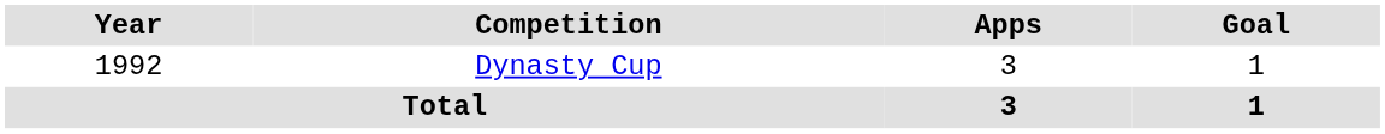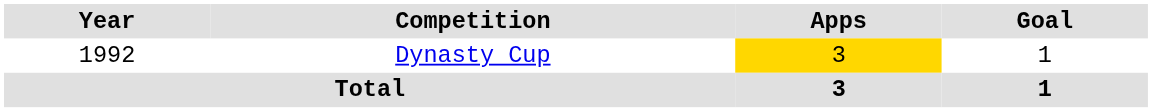 <table border="0" cellpadding="2" cellspacing="0" style="width:50%;">
 <tr style="text-align:center; background:#e0e0e0;">
 <th>Year</th>
 <th>Competition</th>
 <th>Apps</th>
 <th>Goal</th>
 </tr>
 <tr style="text-align:center;">
 <td>1992</td>
 <td><a href='#'>Dynasty Cup</a></td>
-<td>3</td>
+<td style="background: gold;">3</td>
 <td>1</td>
 </tr>
 <tr style="text-align:center; background:#e0e0e0;">
 <th colspan="2">Total</th>
 <th style="text-align:center;">3</th>
 <th style="text-align:center;">1</th>
 </tr>
 </table>
